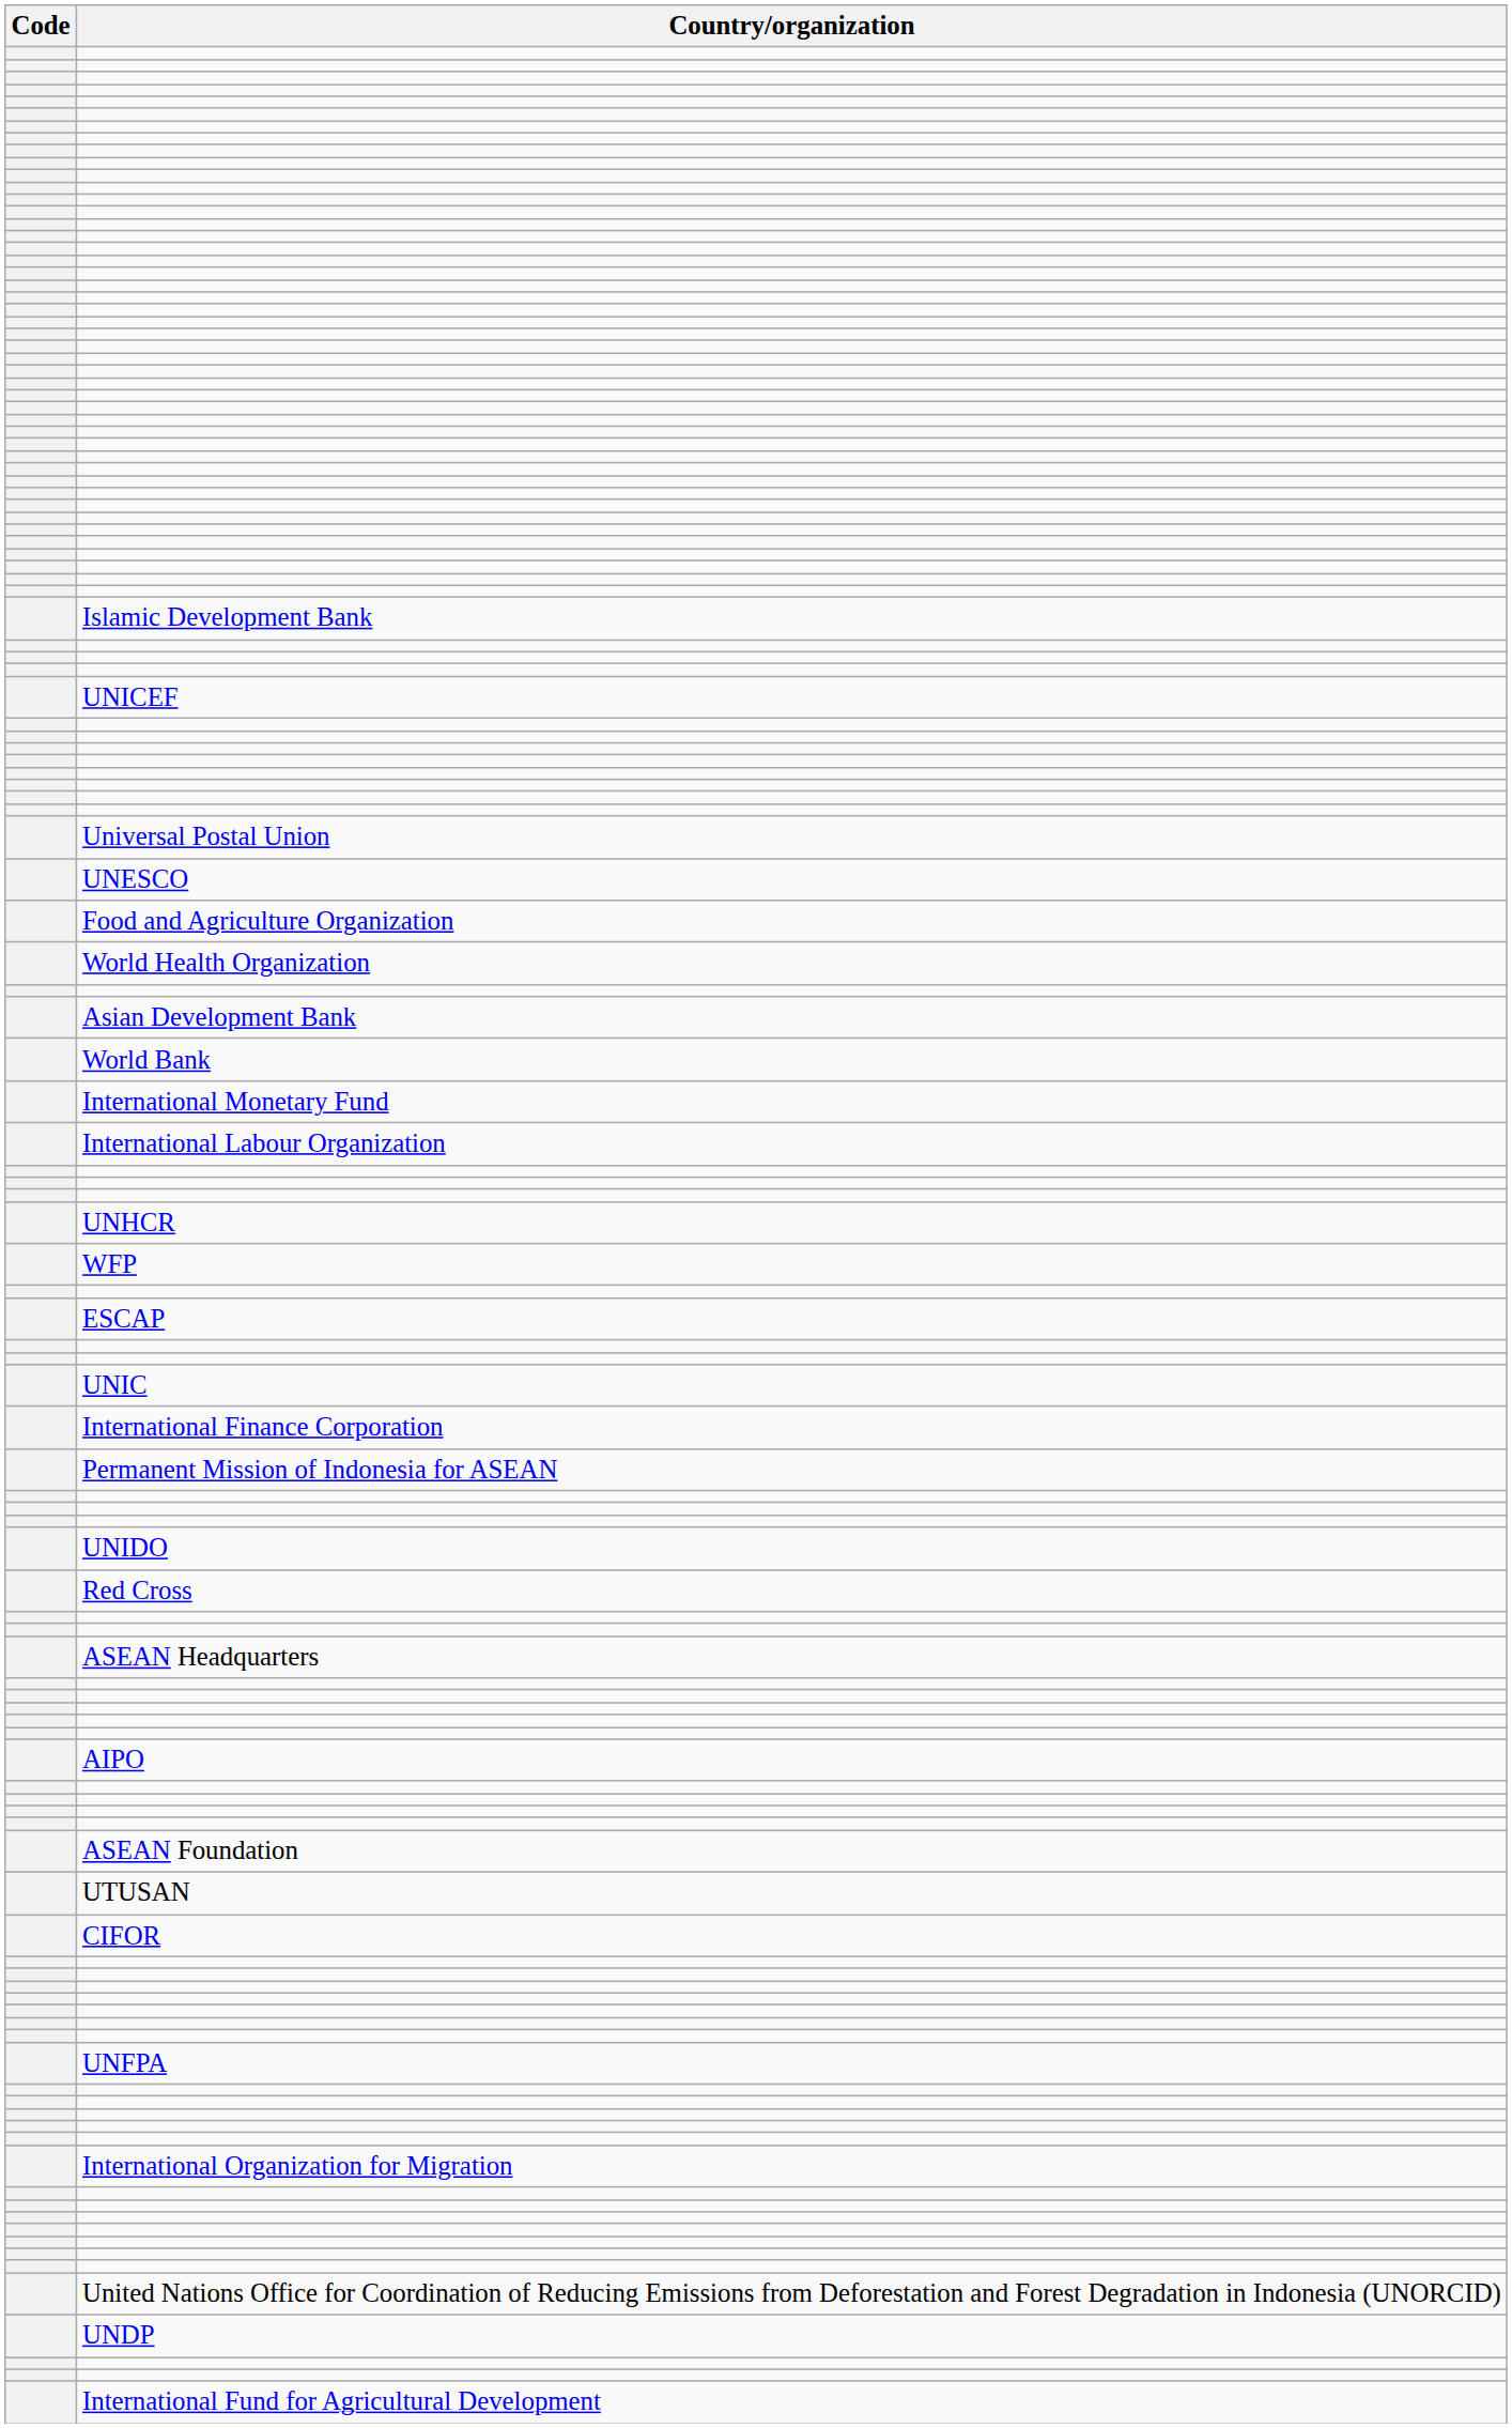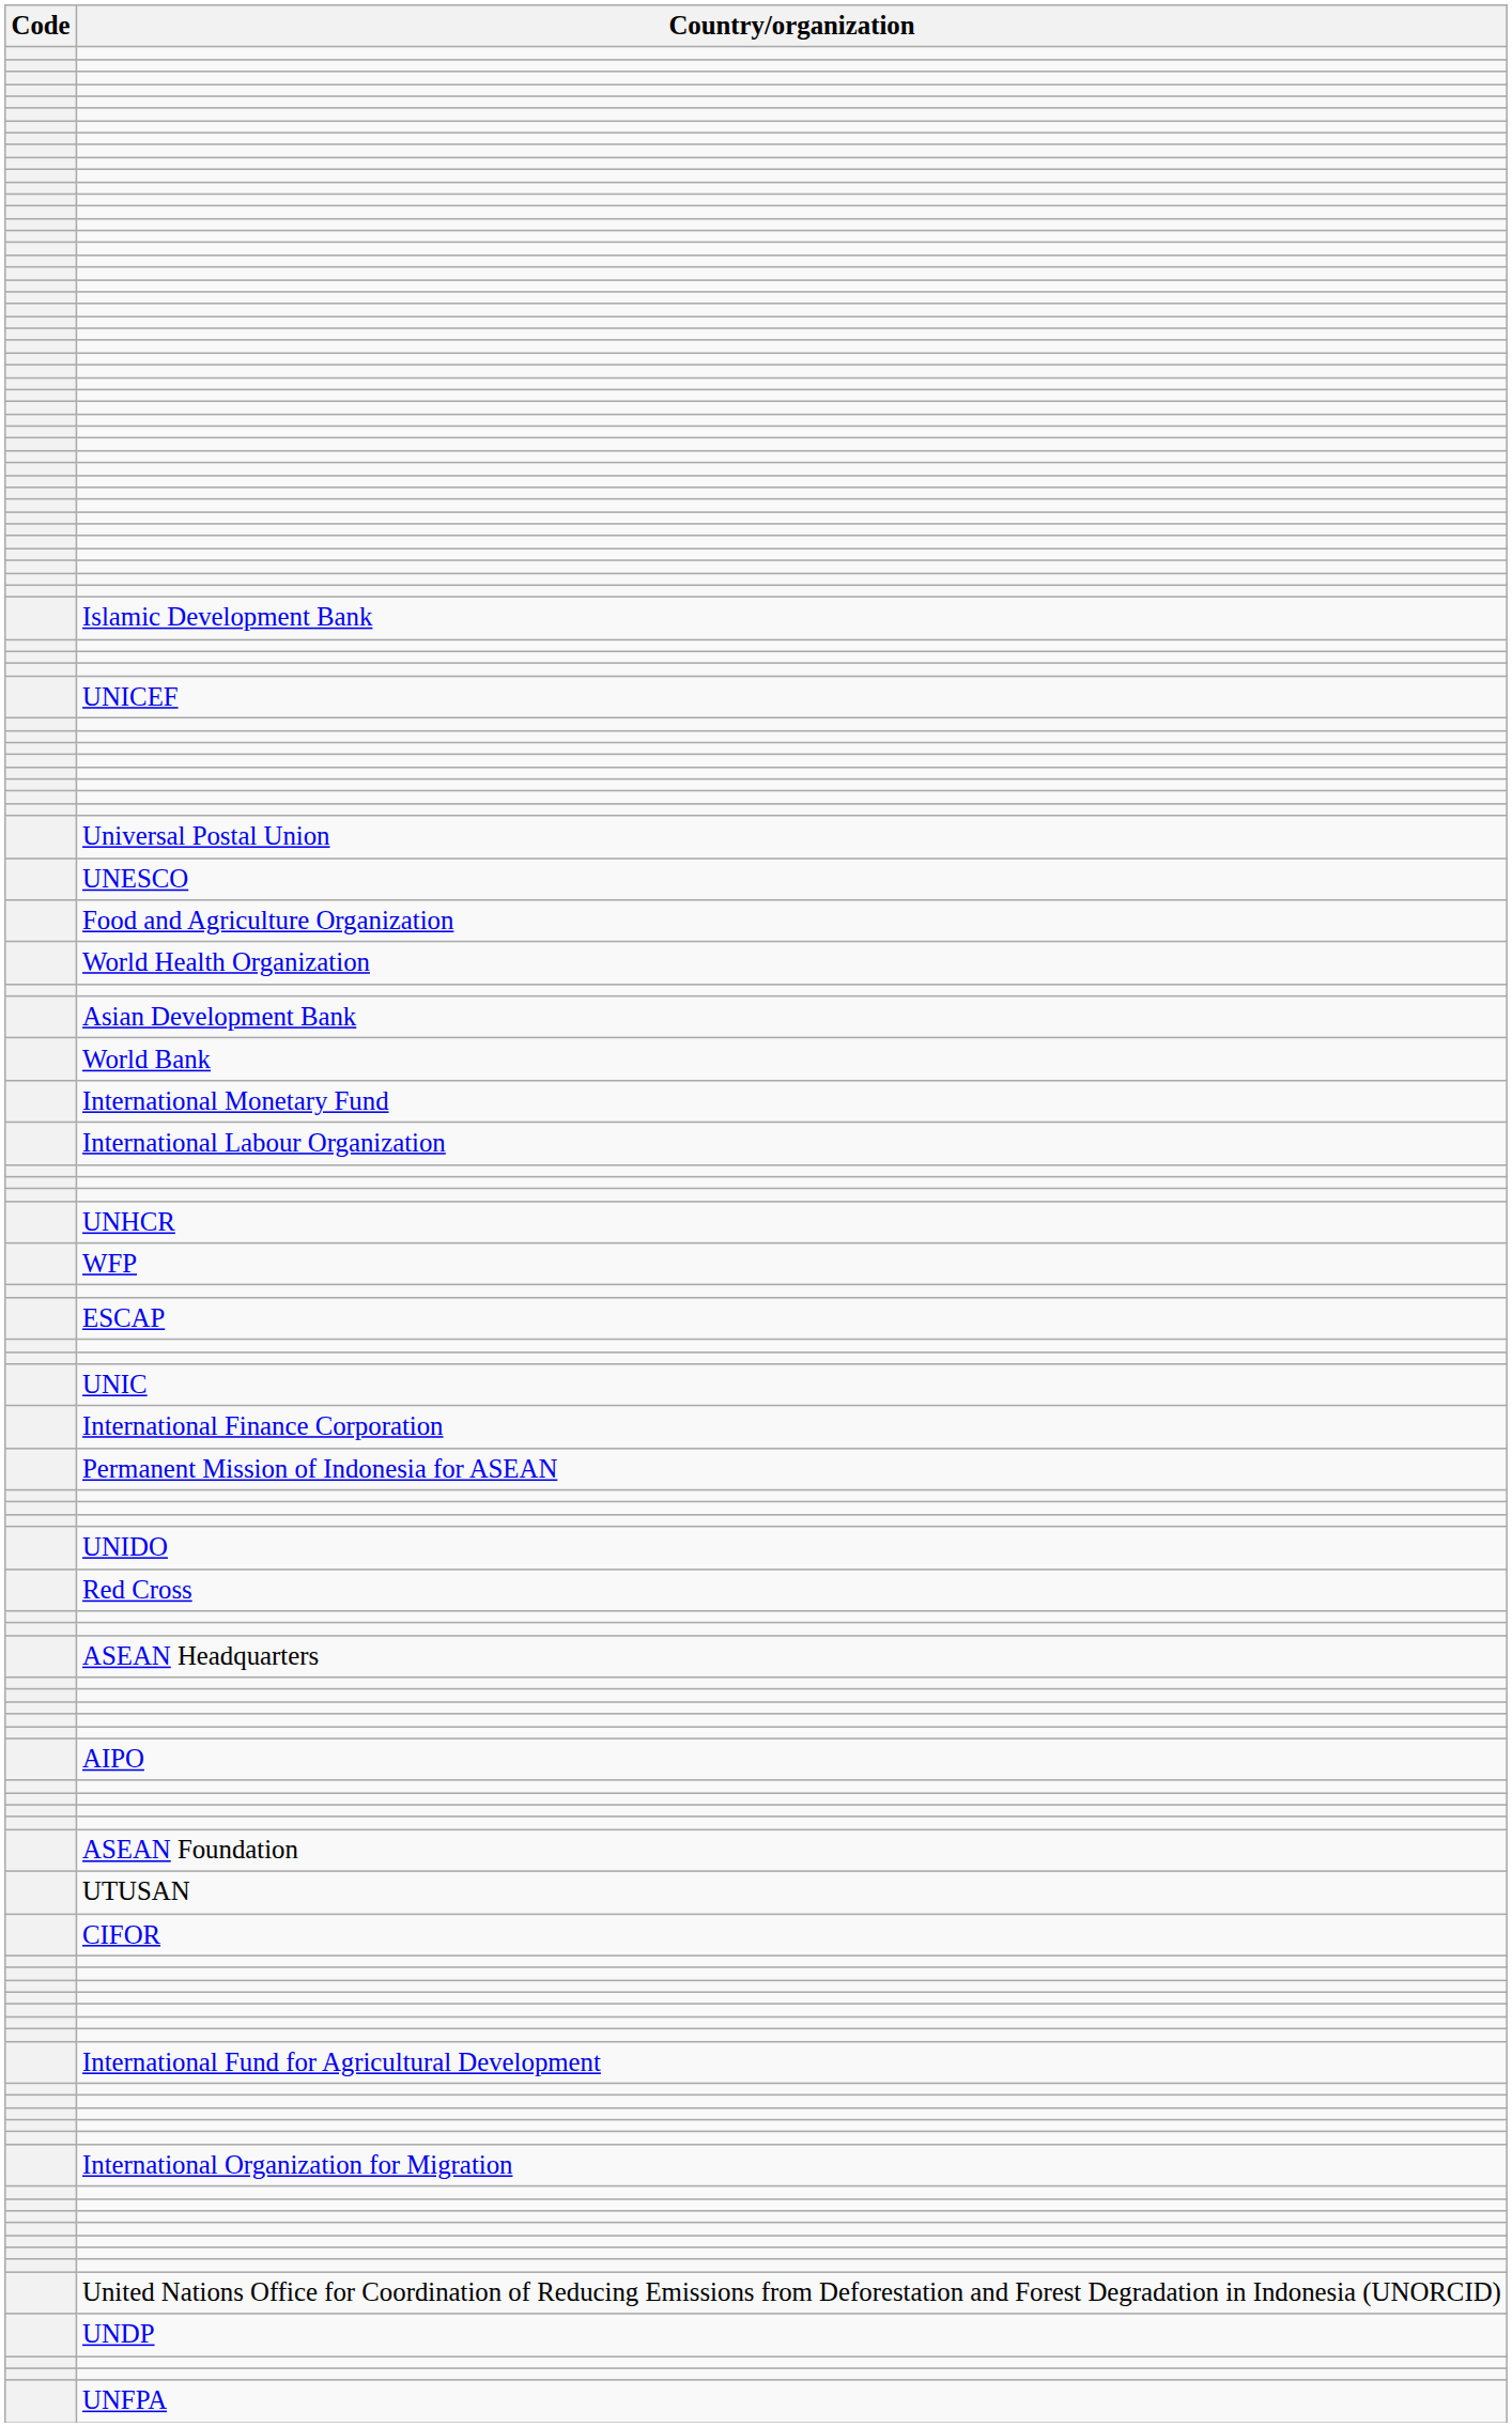 <table class="wikitable mw-collapsible">
 <tr>
 <th>Code</th>
 <th>Country/organization</th>
 </tr>
 <tr>
 <th></th>
 <td></td>
 </tr>
 <tr>
 <th></th>
 <td></td>
 </tr>
 <tr>
 <th></th>
 <td></td>
 </tr>
 <tr>
 <th></th>
 <td></td>
 </tr>
 <tr>
 <th></th>
 <td></td>
 </tr>
 <tr>
 <th></th>
 <td></td>
 </tr>
 <tr>
 <th></th>
 <td></td>
 </tr>
 <tr>
 <th></th>
 <td></td>
 </tr>
 <tr>
 <th></th>
 <td></td>
 </tr>
 <tr>
 <th></th>
 <td></td>
 </tr>
 <tr>
 <th></th>
 <td></td>
 </tr>
 <tr>
 <th></th>
 <td></td>
 </tr>
 <tr>
 <th></th>
 <td></td>
 </tr>
 <tr>
 <th></th>
 <td></td>
 </tr>
 <tr http://192.168.0.1/html/home.htm>
 <th></th>
 <td></td>
 </tr>
 <tr>
 <th></th>
 <td></td>
 </tr>
 <tr>
 <th></th>
 <td></td>
 </tr>
 <tr http://192.168.0.1/html/home.htm>
 <th></th>
 <td></td>
 </tr>
 <tr>
 <th></th>
 <td></td>
 </tr>
 <tr>
 <th></th>
 <td></td>
 </tr>
 <tr>
 <th></th>
 <td></td>
 </tr>
 <tr>
 <th></th>
 <td></td>
 </tr>
 <tr>
 <th></th>
 <td></td>
 </tr>
 <tr>
 <th></th>
 <td></td>
 </tr>
 <tr>
 <th></th>
 <td></td>
 </tr>
 <tr>
 <th></th>
 <td></td>
 </tr>
 <tr>
 <th></th>
 <td></td>
 </tr>
 <tr>
 <th></th>
 <td></td>
 </tr>
 <tr>
 <th></th>
 <td></td>
 </tr>
 <tr>
 <th></th>
 <td></td>
 </tr>
 <tr>
 <th></th>
 <td></td>
 </tr>
 <tr>
 <th></th>
 <td></td>
 </tr>
 <tr>
 <th></th>
 <td></td>
 </tr>
 <tr>
 <th></th>
 <td></td>
 </tr>
 <tr>
 <th></th>
 <td></td>
 </tr>
 <tr>
 <th></th>
 <td></td>
 </tr>
 <tr>
 <th></th>
 <td></td>
 </tr>
 <tr>
 <th></th>
 <td></td>
 </tr>
 <tr>
 <th></th>
 <td></td>
 </tr>
 <tr>
 <th></th>
 <td></td>
 </tr>
 <tr>
 <th></th>
 <td></td>
 </tr>
 <tr>
 <th></th>
 <td></td>
 </tr>
 <tr>
 <th></th>
 <td></td>
 </tr>
 <tr>
 <th></th>
 <td></td>
 </tr>
 <tr>
 <th></th>
 <td></td>
 </tr>
 <tr>
 <th></th>
 <td><a href='#'>Islamic Development Bank</a></td>
 </tr>
 <tr>
 <th></th>
 <td></td>
 </tr>
 <tr>
 <th></th>
 <td></td>
 </tr>
 <tr>
 <th></th>
 <td></td>
 </tr>
 <tr>
 <th></th>
 <td><a href='#'>UNICEF</a></td>
 </tr>
 <tr>
 <th></th>
 <td></td>
 </tr>
 <tr>
 <th></th>
 <td></td>
 </tr>
 <tr>
 <th></th>
 <td></td>
 </tr>
 <tr>
 <th></th>
 <td></td>
 </tr>
 <tr>
 <th></th>
 <td></td>
 </tr>
 <tr>
 <th></th>
 <td></td>
 </tr>
 <tr>
 <th></th>
 <td></td>
 </tr>
 <tr>
 <th></th>
 <td></td>
 </tr>
 <tr>
 <th></th>
 <td><a href='#'>Universal Postal Union</a></td>
 </tr>
 <tr>
 <th></th>
 <td><a href='#'>UNESCO</a></td>
 </tr>
 <tr>
 <th></th>
 <td><a href='#'>Food and Agriculture Organization</a></td>
 </tr>
 <tr>
 <th></th>
 <td><a href='#'>World Health Organization</a></td>
 </tr>
 <tr>
 <th></th>
 <td></td>
 </tr>
 <tr>
 <th></th>
 <td><a href='#'>Asian Development Bank</a></td>
 </tr>
 <tr>
 <th></th>
 <td><a href='#'>World Bank</a></td>
 </tr>
 <tr>
 <th></th>
 <td><a href='#'>International Monetary Fund</a></td>
 </tr>
 <tr>
 <th></th>
 <td><a href='#'>International Labour Organization</a></td>
 </tr>
 <tr>
 <th></th>
 <td></td>
 </tr>
 <tr>
 <th></th>
 <td></td>
 </tr>
 <tr>
 <th></th>
 <td></td>
 </tr>
 <tr>
 <th></th>
 <td><a href='#'>UNHCR</a></td>
 </tr>
 <tr>
 <th></th>
 <td><a href='#'>WFP</a></td>
 </tr>
 <tr>
 <th></th>
 <td></td>
 </tr>
 <tr>
 <th></th>
 <td><a href='#'>ESCAP</a></td>
 </tr>
 <tr>
 <th></th>
 <td></td>
 </tr>
 <tr>
 <th></th>
 <td></td>
 </tr>
 <tr>
 <th></th>
 <td><a href='#'>UNIC</a></td>
 </tr>
 <tr>
 <th></th>
 <td><a href='#'>International Finance Corporation</a></td>
 </tr>
 <tr>
 <th></th>
 <td> <a href='#'>Permanent Mission of Indonesia for ASEAN</a></td>
 </tr>
 <tr>
 <th></th>
 <td></td>
 </tr>
 <tr>
 <th></th>
 <td></td>
 </tr>
 <tr>
 <th></th>
 <td></td>
 </tr>
 <tr>
 <th></th>
 <td><a href='#'>UNIDO</a></td>
 </tr>
 <tr>
 <th></th>
 <td><a href='#'>Red Cross</a></td>
 </tr>
 <tr>
 <th></th>
 <td></td>
 </tr>
 <tr>
 <th></th>
 <td></td>
 </tr>
 <tr>
 <th></th>
 <td> <a href='#'>ASEAN</a> Headquarters</td>
 </tr>
 <tr>
 <th></th>
 <td></td>
 </tr>
 <tr>
 <th></th>
 <td></td>
 </tr>
 <tr>
 <th></th>
 <td></td>
 </tr>
 <tr>
 <th></th>
 <td></td>
 </tr>
 <tr>
 <th></th>
 <td></td>
 </tr>
 <tr>
 <th></th>
 <td><a href='#'>AIPO</a></td>
 </tr>
 <tr>
 <th></th>
 <td></td>
 </tr>
 <tr>
 <th></th>
 <td></td>
 </tr>
 <tr>
 <th></th>
 <td></td>
 </tr>
 <tr>
 <th></th>
 <td></td>
 </tr>
 <tr>
 <th></th>
 <td><a href='#'>ASEAN</a> Foundation</td>
 </tr>
 <tr>
 <th></th>
 <td>UTUSAN</td>
 </tr>
 <tr>
 <th></th>
 <td><a href='#'>CIFOR</a></td>
 </tr>
 <tr>
 <th></th>
 <td></td>
 </tr>
 <tr>
 <th></th>
 <td></td>
 </tr>
 <tr>
 <th></th>
 <td></td>
 </tr>
 <tr>
 <th></th>
 <td></td>
 </tr>
 <tr>
 <th></th>
 <td></td>
 </tr>
 <tr>
 <th></th>
 <td></td>
 </tr>
 <tr>
 <th></th>
 <td></td>
 </tr>
 <tr>
 <th></th>
-<td><a href='#'>UNFPA</a></td>
+<td><a href='#'>International Fund for Agricultural Development</a></td>
 </tr>
 <tr>
 <th></th>
 <td></td>
 </tr>
 <tr>
 <th></th>
 <td></td>
 </tr>
 <tr>
 <th></th>
 <td></td>
 </tr>
 <tr>
 <th></th>
 <td></td>
 </tr>
 <tr>
 <th></th>
 <td></td>
 </tr>
 <tr>
 <th></th>
 <td><a href='#'>International Organization for Migration</a></td>
 </tr>
 <tr>
 <th></th>
 <td></td>
 </tr>
 <tr>
 <th></th>
 <td></td>
 </tr>
 <tr>
 <th></th>
 <td></td>
 </tr>
 <tr>
 <th></th>
 <td></td>
 </tr>
 <tr>
 <th></th>
 <td></td>
 </tr>
 <tr>
 <th></th>
 <td></td>
 </tr>
 <tr>
 <th></th>
 <td></td>
 </tr>
 <tr>
 <th></th>
 <td> United Nations Office for Coordination of Reducing Emissions from Deforestation and Forest Degradation in Indonesia (UNORCID)</td>
 </tr>
 <tr>
 <th></th>
 <td><a href='#'>UNDP</a></td>
 </tr>
 <tr>
 <th></th>
 <td></td>
 </tr>
 <tr>
 <th></th>
 <td></td>
 </tr>
 <tr>
 <th></th>
-<td><a href='#'>International Fund for Agricultural Development</a></td>
+<td><a href='#'>UNFPA</a></td>
 </tr>
 </table>
